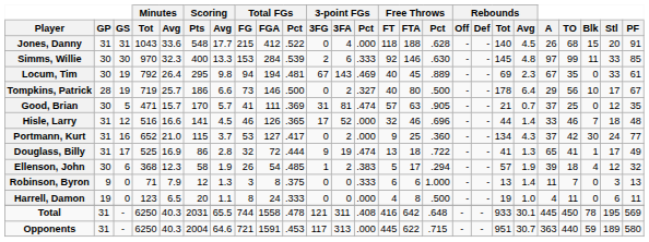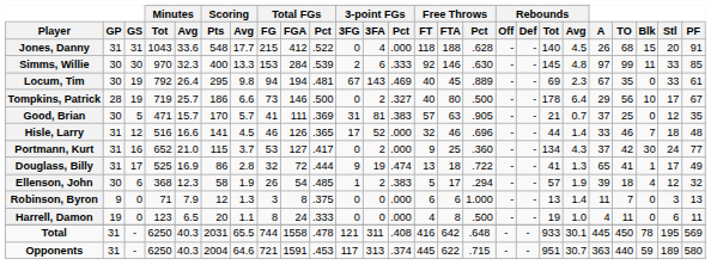 <table class="wikitable sortable" border="1" style="font-size:70%;">
 <tr>
 <th colspan="3" style="border-top-style:hidden; border-left-style:hidden; background: white;"></th>
 <th colspan="2">Minutes</th>
 <th colspan="2">Scoring</th>
 <th colspan="3">Total FGs</th>
 <th colspan="3">3-point FGs</th>
 <th colspan="3">Free Throws</th>
 <th colspan="4">Rebounds</th>
 <th colspan="5" style="border-top-style:hidden; border-right-style:hidden; background: white;"></th>
 </tr>
 <tr>
 <th scope="col">Player</th>
 <th scope="col">GP</th>
 <th scope="col">GS</th>
 <th scope="col">Tot</th>
 <th scope="col">Avg</th>
 <th scope="col">Pts</th>
 <th scope="col">Avg</th>
 <th scope="col">FG</th>
 <th scope="col">FGA</th>
 <th scope="col">Pct</th>
 <th scope="col">3FG</th>
 <th scope="col">3FA</th>
 <th scope="col">Pct</th>
 <th scope="col">FT</th>
 <th scope="col">FTA</th>
 <th scope="col">Pct</th>
 <th scope="col">Off</th>
 <th scope="col">Def</th>
 <th scope="col">Tot</th>
 <th scope="col">Avg</th>
 <th scope="col">A</th>
 <th scope="col">TO</th>
 <th scope="col">Blk</th>
 <th scope="col">Stl</th>
 <th scope="col">PF</th>
 </tr>
 <tr>
 <th style="white-space:nowrap">Jones, Danny</th>
 <td align="right">31</td>
 <td align="right">31</td>
 <td align="right">1043</td>
 <td align="right">33.6</td>
 <td align="right">548</td>
 <td align="right">17.7</td>
 <td align="right">215</td>
 <td align="right">412</td>
 <td align="right">.522</td>
 <td align="right">0</td>
 <td align="right">4</td>
 <td align="right">.000</td>
 <td align="right">118</td>
 <td align="right">188</td>
 <td align="right">.628</td>
 <td align="right">-</td>
 <td align="right">-</td>
 <td align="right">140</td>
 <td align="right">4.5</td>
 <td align="right">26</td>
 <td align="right">68</td>
 <td align="right">15</td>
 <td align="right">20</td>
 <td align="right">91</td>
 </tr>
 <tr>
 <th style="white-space:nowrap">Simms, Willie</th>
 <td align="right">30</td>
 <td align="right">30</td>
 <td align="right">970</td>
 <td align="right">32.3</td>
 <td align="right">400</td>
 <td align="right">13.3</td>
 <td align="right">153</td>
 <td align="right">284</td>
 <td align="right">.539</td>
 <td align="right">2</td>
 <td align="right">6</td>
 <td align="right">.333</td>
 <td align="right">92</td>
 <td align="right">146</td>
 <td align="right">.630</td>
 <td align="right">-</td>
 <td align="right">-</td>
 <td align="right">145</td>
 <td align="right">4.8</td>
 <td align="right">97</td>
 <td align="right">99</td>
 <td align="right">11</td>
 <td align="right">33</td>
 <td align="right">85</td>
 </tr>
 <tr>
 <th style="white-space:nowrap">Locum, Tim</th>
 <td align="right">30</td>
 <td align="right">19</td>
 <td align="right">792</td>
 <td align="right">26.4</td>
 <td align="right">295</td>
 <td align="right">9.8</td>
 <td align="right">94</td>
 <td align="right">194</td>
 <td align="right">.481</td>
 <td align="right">67</td>
 <td align="right">143</td>
 <td align="right">.469</td>
 <td align="right">40</td>
 <td align="right">45</td>
 <td align="right">.889</td>
 <td align="right">-</td>
 <td align="right">-</td>
 <td align="right">69</td>
 <td align="right">2.3</td>
 <td align="right">67</td>
 <td align="right">35</td>
 <td align="right">0</td>
 <td align="right">33</td>
 <td align="right">61</td>
 </tr>
 <tr>
 <th style="white-space:nowrap">Tompkins, Patrick</th>
 <td align="right">28</td>
 <td align="right">19</td>
 <td align="right">719</td>
 <td align="right">25.7</td>
 <td align="right">186</td>
 <td align="right">6.6</td>
 <td align="right">73</td>
 <td align="right">146</td>
 <td align="right">.500</td>
 <td align="right">0</td>
 <td align="right">2</td>
 <td align="right">.327</td>
 <td align="right">40</td>
 <td align="right">80</td>
 <td align="right">.500</td>
 <td align="right">-</td>
 <td align="right">-</td>
 <td align="right">178</td>
 <td align="right">6.4</td>
 <td align="right">29</td>
 <td align="right">56</td>
 <td align="right">10</td>
 <td align="right">17</td>
 <td align="right">67</td>
 </tr>
 <tr>
 <th style="white-space:nowrap">Good, Brian</th>
 <td align="right">30</td>
 <td align="right">5</td>
 <td align="right">471</td>
 <td align="right">15.7</td>
 <td align="right">170</td>
 <td align="right">5.7</td>
 <td align="right">41</td>
 <td align="right">111</td>
 <td align="right">.369</td>
 <td align="right">31</td>
 <td align="right">81</td>
-<td align="right">.474</td>
+<td align="right">.383</td>
 <td align="right">57</td>
 <td align="right">63</td>
 <td align="right">.905</td>
 <td align="right">-</td>
 <td align="right">-</td>
 <td align="right">21</td>
 <td align="right">0.7</td>
 <td align="right">37</td>
 <td align="right">25</td>
 <td align="right">0</td>
 <td align="right">12</td>
 <td align="right">35</td>
 </tr>
 <tr>
 <th style="white-space:nowrap">Hisle, Larry</th>
 <td align="right">31</td>
 <td align="right">12</td>
 <td align="right">516</td>
 <td align="right">16.6</td>
 <td align="right">141</td>
 <td align="right">4.5</td>
 <td align="right">46</td>
 <td align="right">126</td>
 <td align="right">.365</td>
 <td align="right">17</td>
 <td align="right">52</td>
 <td align="right">.000</td>
 <td align="right">32</td>
 <td align="right">46</td>
 <td align="right">.696</td>
 <td align="right">-</td>
 <td align="right">-</td>
 <td align="right">44</td>
 <td align="right">1.4</td>
 <td align="right">33</td>
 <td align="right">46</td>
 <td align="right">7</td>
 <td align="right">18</td>
 <td align="right">48</td>
 </tr>
 <tr>
 <th style="white-space:nowrap">Portmann, Kurt</th>
 <td align="right">31</td>
 <td align="right">16</td>
 <td align="right">652</td>
 <td align="right">21.0</td>
 <td align="right">115</td>
 <td align="right">3.7</td>
 <td align="right">53</td>
 <td align="right">127</td>
 <td align="right">.417</td>
 <td align="right">0</td>
 <td align="right">2</td>
 <td align="right">.000</td>
 <td align="right">9</td>
 <td align="right">25</td>
 <td align="right">.360</td>
 <td align="right">-</td>
 <td align="right">-</td>
 <td align="right">134</td>
 <td align="right">4.3</td>
 <td align="right">37</td>
 <td align="right">42</td>
 <td align="right">30</td>
 <td align="right">24</td>
 <td align="right">77</td>
 </tr>
 <tr>
 <th style="white-space:nowrap">Douglass, Billy</th>
 <td align="right">31</td>
 <td align="right">17</td>
 <td align="right">525</td>
 <td align="right">16.9</td>
 <td align="right">86</td>
 <td align="right">2.8</td>
 <td align="right">32</td>
 <td align="right">72</td>
 <td align="right">.444</td>
 <td align="right">9</td>
 <td align="right">19</td>
 <td align="right">.474</td>
 <td align="right">13</td>
 <td align="right">18</td>
 <td align="right">.722</td>
 <td align="right">-</td>
 <td align="right">-</td>
 <td align="right">41</td>
 <td align="right">1.3</td>
 <td align="right">65</td>
 <td align="right">41</td>
 <td align="right">1</td>
 <td align="right">17</td>
 <td align="right">49</td>
 </tr>
 <tr>
 <th style="white-space:nowrap">Ellenson, John</th>
 <td align="right">30</td>
 <td align="right">6</td>
 <td align="right">368</td>
 <td align="right">12.3</td>
 <td align="right">58</td>
 <td align="right">1.9</td>
 <td align="right">26</td>
 <td align="right">54</td>
 <td align="right">.485</td>
 <td align="right">1</td>
 <td align="right">2</td>
 <td align="right">.383</td>
 <td align="right">5</td>
 <td align="right">17</td>
 <td align="right">.294</td>
 <td align="right">-</td>
 <td align="right">-</td>
 <td align="right">57</td>
 <td align="right">1.9</td>
 <td align="right">39</td>
 <td align="right">18</td>
 <td align="right">4</td>
 <td align="right">12</td>
 <td align="right">32</td>
 </tr>
 <tr>
 <th style="white-space:nowrap">Robinson, Byron</th>
 <td align="right">9</td>
 <td align="right">0</td>
 <td align="right">71</td>
 <td align="right">7.9</td>
 <td align="right">12</td>
 <td align="right">1.3</td>
 <td align="right">3</td>
 <td align="right">8</td>
 <td align="right">.375</td>
 <td align="right">0</td>
 <td align="right">0</td>
-<td align="right">.333</td>
+<td align="right">.000</td>
 <td align="right">6</td>
 <td align="right">6</td>
 <td align="right">1.000</td>
 <td align="right">-</td>
 <td align="right">-</td>
 <td align="right">13</td>
 <td align="right">1.4</td>
 <td align="right">11</td>
 <td align="right">7</td>
 <td align="right">0</td>
 <td align="right">3</td>
 <td align="right">13</td>
 </tr>
 <tr>
 <th style="white-space:nowrap">Harrell, Damon</th>
 <td align="right">19</td>
 <td align="right">0</td>
 <td align="right">123</td>
 <td align="right">6.5</td>
 <td align="right">20</td>
 <td align="right">1.1</td>
 <td align="right">8</td>
 <td align="right">24</td>
 <td align="right">.333</td>
 <td align="right">0</td>
 <td align="right">0</td>
 <td align="right">.000</td>
 <td align="right">4</td>
 <td align="right">8</td>
 <td align="right">.500</td>
 <td align="right">-</td>
 <td align="right">-</td>
 <td align="right">19</td>
 <td align="right">1.0</td>
 <td align="right">4</td>
 <td align="right">11</td>
 <td align="right">0</td>
 <td align="right">6</td>
 <td align="right">11</td>
 </tr>
 <tr>
 </tr>
 <tr class="sortbottom">
 <td align="center"><strong>Total</strong></td>
 <td align="center">31</td>
 <td align="center">-</td>
 <td align="center">6250</td>
 <td align="center">40.3</td>
 <td align="center">2031</td>
 <td align="center">65.5</td>
 <td align="center">744</td>
 <td align="center">1558</td>
 <td align="center">.478</td>
 <td align="center">121</td>
 <td align="center">311</td>
 <td align="center">.408</td>
 <td align="center">416</td>
 <td align="center">642</td>
 <td align="center">.648</td>
 <td align="center">-</td>
 <td align="center">-</td>
 <td align="center">933</td>
 <td align="center">30.1</td>
 <td align="center">445</td>
 <td align="center">450</td>
 <td align="center">78</td>
 <td align="center">195</td>
 <td align="center">569</td>
 </tr>
 <tr class="sortbottom">
 <td align="center"><strong>Opponents</strong></td>
 <td align="center">31</td>
 <td align="center">-</td>
 <td align="center">6250</td>
 <td align="center">40.3</td>
 <td align="center">2004</td>
 <td align="center">64.6</td>
 <td align="center">721</td>
 <td align="center">1591</td>
 <td align="center">.453</td>
 <td align="center">117</td>
 <td align="center">313</td>
-<td align="right">.000</td>
+<td align="center">.374</td>
 <td align="center">445</td>
 <td align="center">622</td>
 <td align="center">.715</td>
 <td align="center">-</td>
 <td align="center">-</td>
 <td align="center">951</td>
 <td align="center">30.7</td>
 <td align="center">363</td>
 <td align="center">440</td>
 <td align="center">59</td>
 <td align="center">189</td>
 <td align="center">580</td>
 </tr>
 </table>
